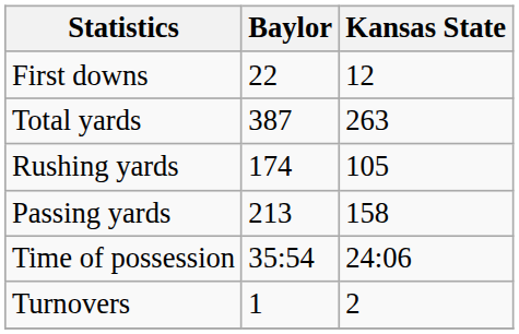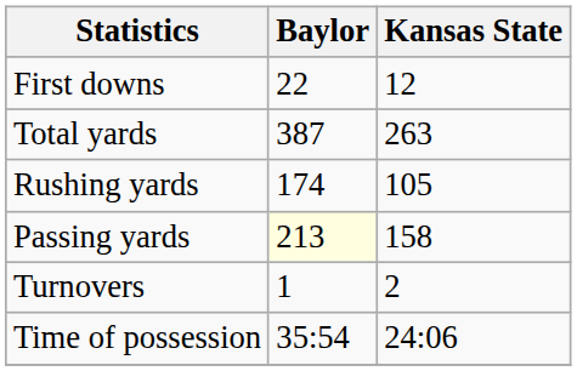 <table class="wikitable" style="float: left;">
 <tr>
 <th>Statistics</th>
 <th>Baylor</th>
 <th>Kansas State</th>
 </tr>
 <tr>
 <td>First downs</td>
 <td>22</td>
 <td>12</td>
 </tr>
 <tr>
 <td>Total yards</td>
 <td>387</td>
 <td>263</td>
 </tr>
 <tr>
 <td>Rushing yards</td>
 <td>174</td>
 <td>105</td>
 </tr>
 <tr>
 <td>Passing yards</td>
-<td>213</td>
+<td style="background: lightyellow;">213</td>
 <td>158</td>
+</tr>
+<tr>
+<td>Turnovers</td>
+<td>1</td>
+<td>2</td>
 </tr>
 <tr>
 <td>Time of possession</td>
 <td>35:54</td>
 <td>24:06</td>
 </tr>
 <tr>
-<td>Turnovers</td>
-<td>1</td>
-<td>2</td>
-</tr>
-<tr>
 </tr>
 </table>
